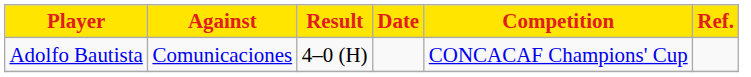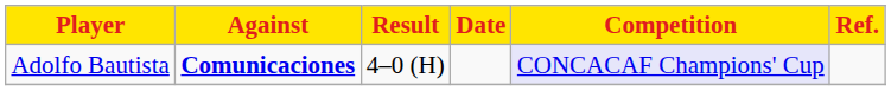 <table class="wikitable">
 <tr>
 <th style=background-color:#FFE500;color:#E11D1E>Player</th>
 <th style=background-color:#FFE500;color:#E11D1E>Against</th>
 <th style=background-color:#FFE500;color:#E11D1E>Result</th>
 <th style=background-color:#FFE500;color:#E11D1E>Date</th>
 <th style=background-color:#FFE500;color:#E11D1E>Competition</th>
 <th style=background-color:#FFE500;color:#E11D1E>Ref.</th>
 </tr>
 <tr>
 <td> <a href='#'>Adolfo Bautista</a></td>
-<td> <a href='#'>Comunicaciones</a></td>
+<td><strong> <a href='#'>Comunicaciones</a></strong></td>
 <td>4–0 (H)</td>
 <td></td>
-<td><a href='#'>CONCACAF Champions' Cup</a></td>
+<td style="background: lavender;"><a href='#'>CONCACAF Champions' Cup</a></td>
 <td align=center></td>
 </tr>
 <tr>
 </tr>
 </table>
